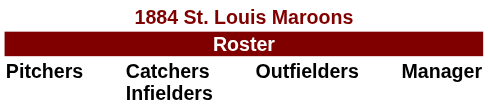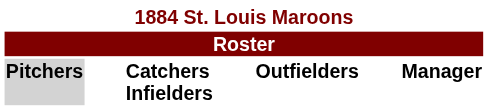 <table class="toccolours" style="font-size: 95%;">
 <tr>
 <th colspan="10" style="background-color: white; color: #800000; text-align: center;">1884 St. Louis Maroons</th>
 </tr>
 <tr>
 <td colspan="10" style="background-color: #800000; color: white; text-align: center;"><strong>Roster</strong></td>
 </tr>
 <tr>
-<td valign="top"><strong>Pitchers</strong><br>      </td>
+<td valign="top" style="background: lightgrey;"><strong>Pitchers</strong><br>      </td>
 <td width="25px"></td>
 <td valign="top"><strong>Catchers</strong><br>   <strong>Infielders</strong>    </td>
 <td width="25px"></td>
 <td valign="top"><strong>Outfielders</strong><br>        </td>
 <td width="25px"></td>
 <td valign="top"><strong>Manager</strong><br> </td>
 </tr>
 </table>
